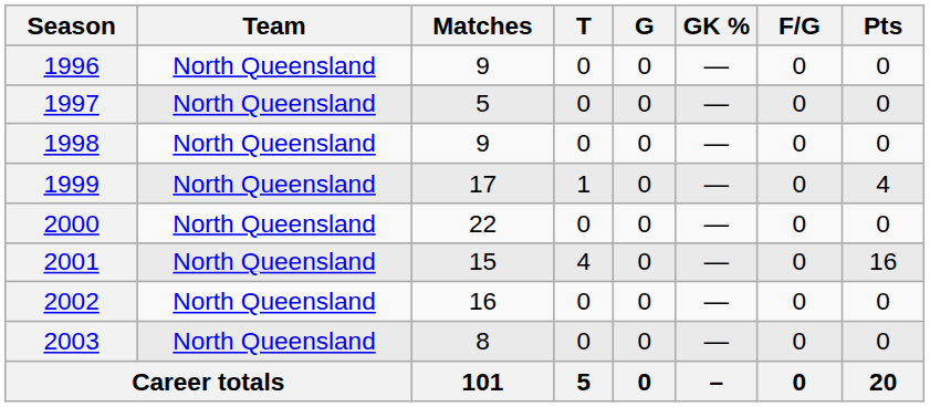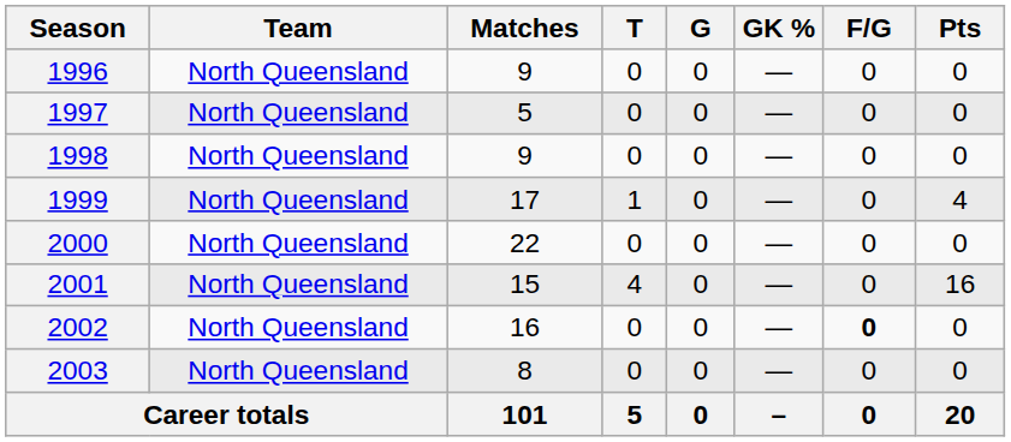 <table class="wikitable sortable"  style="font-size:90%; text-align:center; width:85%;">
 <tr>
 <th width=2%>Season</th>
 <th width=8%>Team</th>
 <th width=2%>Matches</th>
 <th width=2%>T</th>
 <th width=2%>G</th>
 <th width=2%>GK %</th>
 <th width=2%>F/G</th>
 <th width=2%>Pts</th>
 </tr>
 <tr>
 <th scope="row" style="text-align:center; font-weight:normal"><a href='#'>1996</a></th>
 <td style="text-align:center;"> <a href='#'>North Queensland</a></td>
 <td>9</td>
 <td>0</td>
 <td>0</td>
 <td>—</td>
 <td>0</td>
 <td>0</td>
 </tr>
 <tr style="background-color: #EAEAEA">
 <th scope="row" style="text-align:center; font-weight:normal"><a href='#'>1997</a></th>
 <td style="text-align:center;"> <a href='#'>North Queensland</a></td>
 <td>5</td>
 <td>0</td>
 <td>0</td>
 <td>—</td>
 <td>0</td>
 <td>0</td>
 </tr>
 <tr>
 <th scope="row" style="text-align:center; font-weight:normal"><a href='#'>1998</a></th>
 <td style="text-align:center;"> <a href='#'>North Queensland</a></td>
 <td>9</td>
 <td>0</td>
 <td>0</td>
 <td>—</td>
 <td>0</td>
 <td>0</td>
 </tr>
 <tr style="background-color: #EAEAEA">
 <th scope="row" style="text-align:center; font-weight:normal"><a href='#'>1999</a></th>
 <td style="text-align:center;"> <a href='#'>North Queensland</a></td>
 <td>17</td>
 <td>1</td>
 <td>0</td>
 <td>—</td>
 <td>0</td>
 <td>4</td>
 </tr>
 <tr>
 <th scope="row" style="text-align:center; font-weight:normal"><a href='#'>2000</a></th>
 <td style="text-align:center;"> <a href='#'>North Queensland</a></td>
 <td>22</td>
 <td>0</td>
 <td>0</td>
 <td>—</td>
 <td>0</td>
 <td>0</td>
 </tr>
 <tr style="background-color: #EAEAEA">
 <th scope="row" style="text-align:center; font-weight:normal"><a href='#'>2001</a></th>
 <td style="text-align:center;"> <a href='#'>North Queensland</a></td>
 <td>15</td>
 <td>4</td>
 <td>0</td>
 <td>—</td>
 <td>0</td>
 <td>16</td>
 </tr>
 <tr>
 <th scope="row" style="text-align:center; font-weight:normal"><a href='#'>2002</a></th>
 <td style="text-align:center;"> <a href='#'>North Queensland</a></td>
 <td>16</td>
 <td>0</td>
 <td>0</td>
 <td>—</td>
-<td>0</td>
+<td><strong>0</strong></td>
 <td>0</td>
 </tr>
 <tr style="background-color: #EAEAEA">
 <th scope="row" style="text-align:center; font-weight:normal"><a href='#'>2003</a></th>
 <td style="text-align:center;"> <a href='#'>North Queensland</a></td>
 <td>8</td>
 <td>0</td>
 <td>0</td>
 <td>—</td>
 <td>0</td>
 <td>0</td>
 </tr>
 <tr class="sortbottom">
 <th colspan=2>Career totals</th>
 <th>101</th>
 <th>5</th>
 <th>0</th>
 <th>–</th>
 <th>0</th>
 <th>20</th>
 </tr>
 </table>
